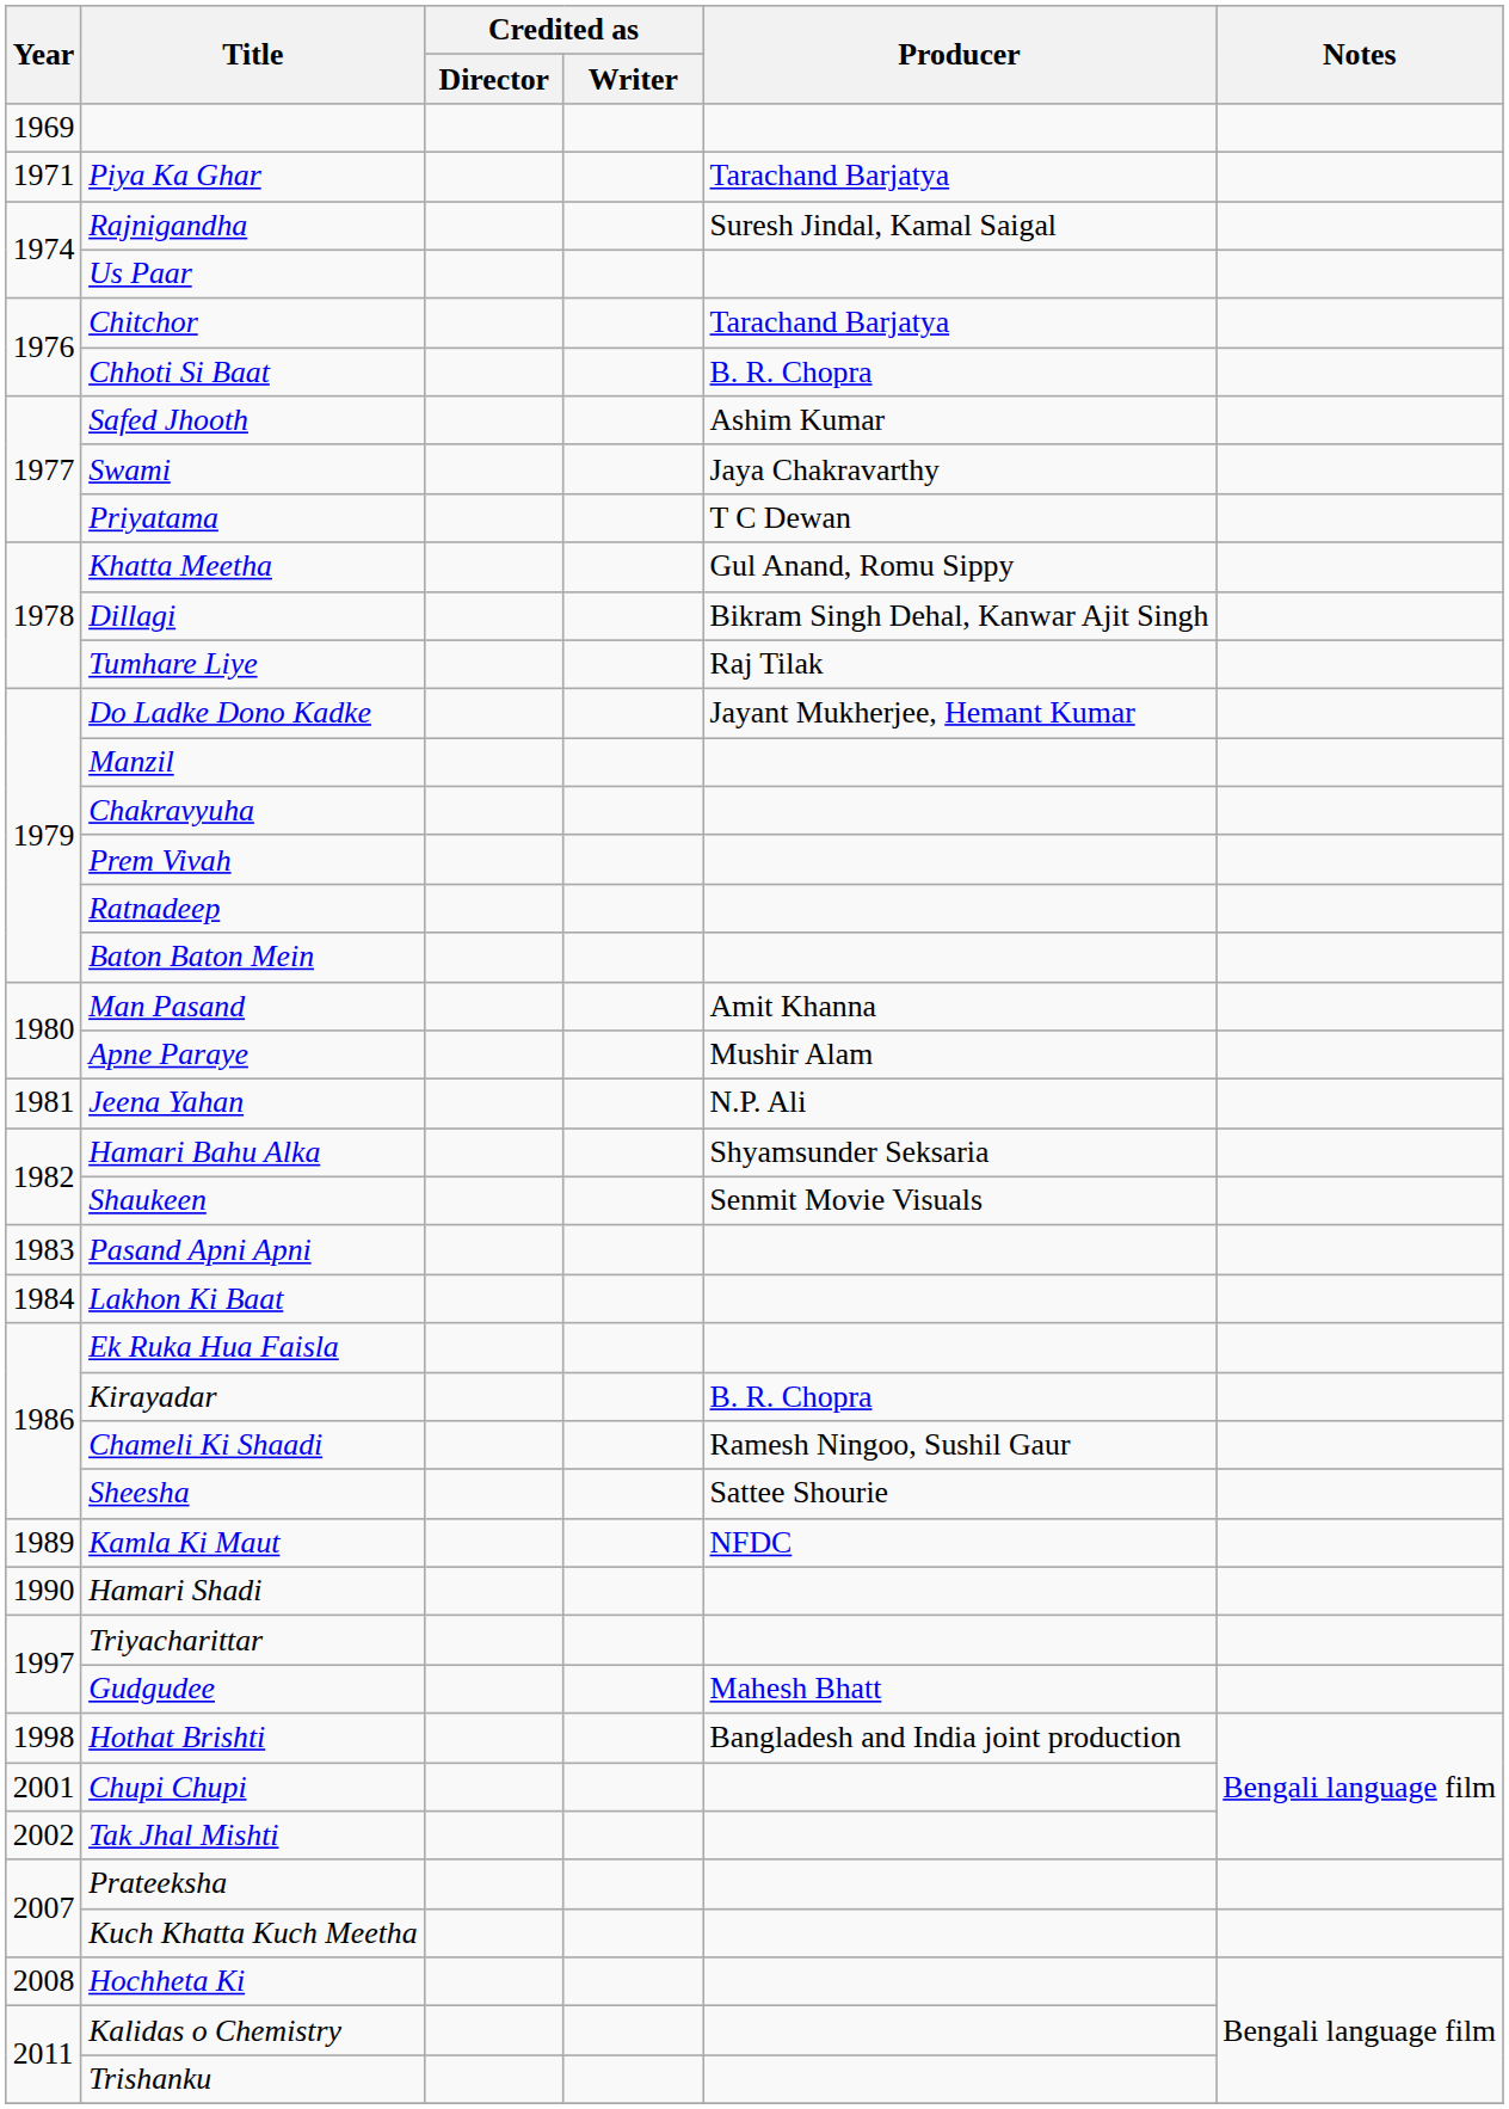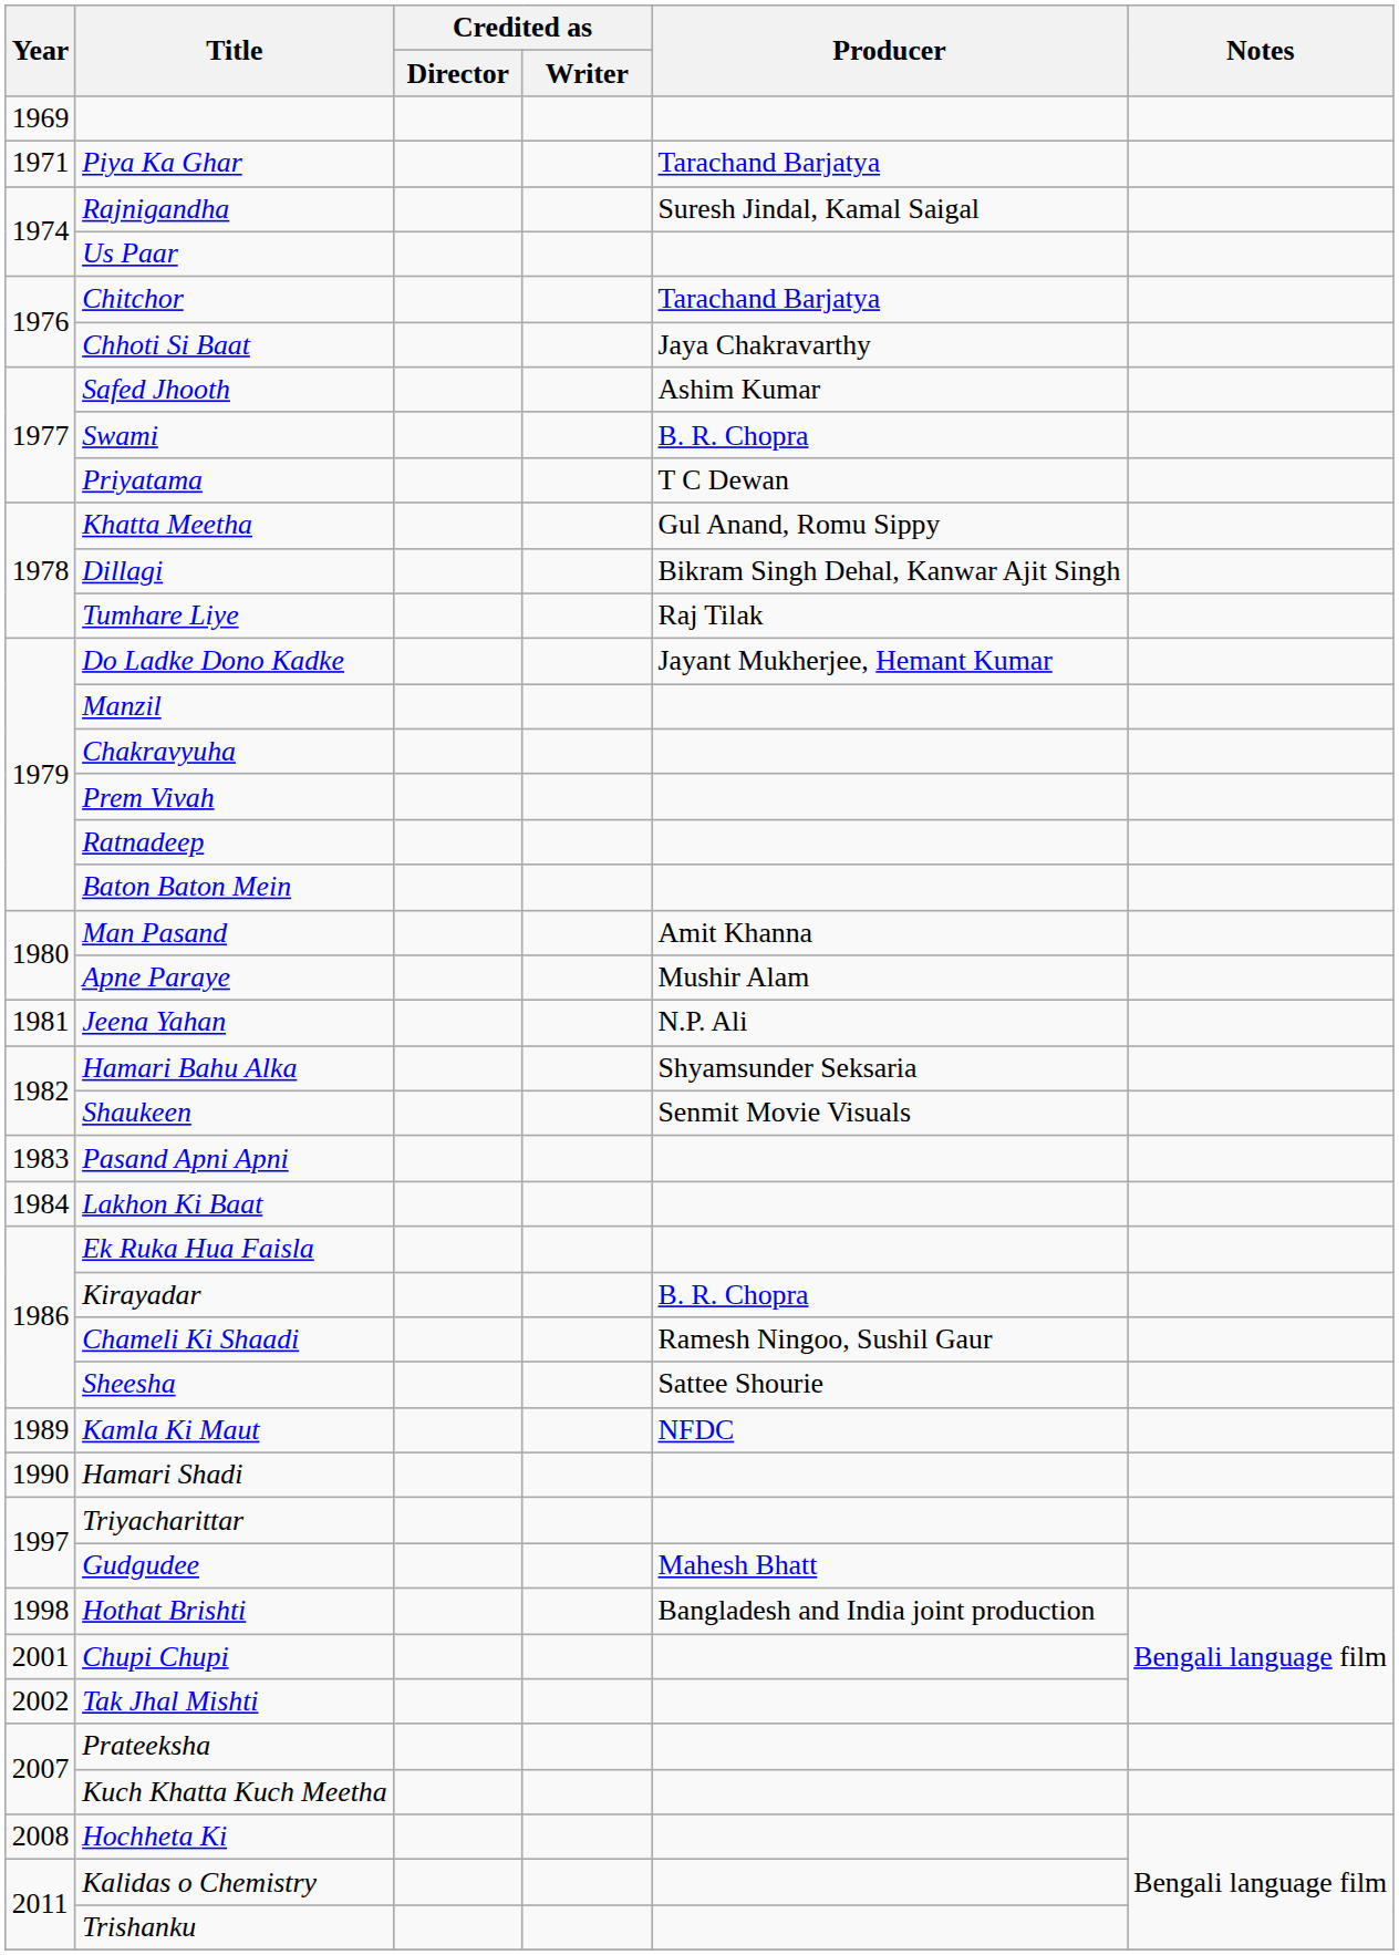 <table class="wikitable">
 <tr>
 <th rowspan="2">Year</th>
 <th rowspan="2">Title</th>
 <th colspan="2">Credited as</th>
 <th rowspan="2'">Producer</th>
 <th rowspan="2'">Notes</th>
 </tr>
 <tr>
 <th width=65>Director</th>
 <th width=65>Writer</th>
 </tr>
 <tr>
 <td>1969</td>
 <td></td>
 <td></td>
 <td></td>
 <td></td>
 <td></td>
 </tr>
 <tr>
 <td>1971</td>
 <td><em><a href='#'>Piya Ka Ghar</a></em></td>
 <td></td>
 <td></td>
 <td><a href='#'>Tarachand Barjatya</a></td>
 <td></td>
 </tr>
 <tr>
 <td rowspan="2">1974</td>
 <td><em><a href='#'>Rajnigandha</a></em></td>
 <td></td>
 <td></td>
 <td>Suresh Jindal, Kamal Saigal</td>
 <td></td>
 </tr>
 <tr>
 <td><em><a href='#'>Us Paar</a></em></td>
 <td></td>
 <td></td>
 <td></td>
 <td></td>
 </tr>
 <tr>
 <td rowspan="2">1976</td>
 <td><em><a href='#'>Chitchor</a></em></td>
 <td></td>
 <td></td>
 <td><a href='#'>Tarachand Barjatya</a></td>
 <td></td>
 </tr>
 <tr>
 <td><em><a href='#'>Chhoti Si Baat</a></em></td>
 <td></td>
 <td></td>
-<td><a href='#'>B. R. Chopra</a></td>
+<td>Jaya Chakravarthy</td>
 <td></td>
 </tr>
 <tr>
 <td rowspan="3">1977</td>
 <td><em><a href='#'>Safed Jhooth</a></em></td>
 <td></td>
 <td></td>
 <td>Ashim Kumar</td>
 <td></td>
 </tr>
 <tr>
 <td><em><a href='#'>Swami</a></em></td>
 <td></td>
 <td></td>
-<td>Jaya Chakravarthy</td>
+<td><a href='#'>B. R. Chopra</a></td>
 <td></td>
 </tr>
 <tr>
 <td><em><a href='#'>Priyatama</a></em></td>
 <td></td>
 <td></td>
 <td>T C Dewan</td>
 <td></td>
 </tr>
 <tr>
 <td rowspan="3">1978</td>
 <td><em><a href='#'>Khatta Meetha</a></em></td>
 <td></td>
 <td></td>
 <td>Gul Anand, Romu Sippy</td>
 <td></td>
 </tr>
 <tr>
 <td><em><a href='#'>Dillagi</a></em></td>
 <td></td>
 <td></td>
 <td>Bikram Singh Dehal, Kanwar Ajit Singh</td>
 <td></td>
 </tr>
 <tr>
 <td><em><a href='#'>Tumhare Liye</a></em></td>
 <td></td>
 <td></td>
 <td>Raj Tilak</td>
 <td></td>
 </tr>
 <tr>
 <td rowspan="6">1979</td>
 <td><em><a href='#'>Do Ladke Dono Kadke</a></em></td>
 <td></td>
 <td></td>
 <td>Jayant Mukherjee, <a href='#'>Hemant Kumar</a></td>
 <td></td>
 </tr>
 <tr>
 <td><em><a href='#'>Manzil</a></em></td>
 <td></td>
 <td></td>
 <td></td>
 <td></td>
 </tr>
 <tr>
 <td><em><a href='#'>Chakravyuha</a></em></td>
 <td></td>
 <td></td>
 <td></td>
 <td></td>
 </tr>
 <tr>
 <td><em><a href='#'>Prem Vivah</a></em></td>
 <td></td>
 <td></td>
 <td></td>
 <td></td>
 </tr>
 <tr>
 <td><em><a href='#'>Ratnadeep</a></em></td>
 <td></td>
 <td></td>
 <td></td>
 <td></td>
 </tr>
 <tr>
 <td><em><a href='#'>Baton Baton Mein</a></em></td>
 <td></td>
 <td></td>
 <td></td>
 <td></td>
 </tr>
 <tr>
 <td rowspan="2">1980</td>
 <td><em><a href='#'>Man Pasand</a></em></td>
 <td></td>
 <td></td>
 <td>Amit Khanna</td>
 <td></td>
 </tr>
 <tr>
 <td><em><a href='#'>Apne Paraye</a></em></td>
 <td></td>
 <td></td>
 <td>Mushir Alam</td>
 <td></td>
 </tr>
 <tr>
 <td>1981</td>
 <td><em><a href='#'>Jeena Yahan</a></em></td>
 <td></td>
 <td></td>
 <td>N.P. Ali</td>
 <td></td>
 </tr>
 <tr>
 <td rowspan="2">1982</td>
 <td><em><a href='#'>Hamari Bahu Alka</a></em></td>
 <td></td>
 <td></td>
 <td>Shyamsunder Seksaria</td>
 <td></td>
 </tr>
 <tr>
 <td><em><a href='#'>Shaukeen</a></em></td>
 <td></td>
 <td></td>
 <td>Senmit Movie Visuals</td>
 <td></td>
 </tr>
 <tr>
 <td>1983</td>
 <td><em><a href='#'>Pasand Apni Apni</a></em></td>
 <td></td>
 <td></td>
 <td></td>
 <td></td>
 </tr>
 <tr>
 <td>1984</td>
 <td><em><a href='#'>Lakhon Ki Baat</a></em></td>
 <td></td>
 <td></td>
 <td></td>
 <td></td>
 </tr>
 <tr>
 <td rowspan="4">1986</td>
 <td><em><a href='#'>Ek Ruka Hua Faisla</a></em></td>
 <td></td>
 <td></td>
 <td></td>
 <td></td>
 </tr>
 <tr>
 <td><em>Kirayadar</em></td>
 <td></td>
 <td></td>
 <td><a href='#'>B. R. Chopra</a></td>
 <td></td>
 </tr>
 <tr>
 <td><em><a href='#'>Chameli Ki Shaadi</a></em></td>
 <td></td>
 <td></td>
 <td>Ramesh Ningoo, Sushil Gaur</td>
 <td></td>
 </tr>
 <tr>
 <td><em><a href='#'>Sheesha</a></em></td>
 <td></td>
 <td></td>
 <td>Sattee Shourie</td>
 <td></td>
 </tr>
 <tr>
 <td>1989</td>
 <td><em><a href='#'>Kamla Ki Maut</a></em></td>
 <td></td>
 <td></td>
 <td><a href='#'>NFDC</a></td>
 <td></td>
 </tr>
 <tr>
 <td>1990</td>
 <td><em>Hamari Shadi</em></td>
 <td></td>
 <td></td>
 <td></td>
 <td></td>
 </tr>
 <tr>
 <td rowspan="2">1997</td>
 <td><em>Triyacharittar</em></td>
 <td></td>
 <td></td>
 <td></td>
 <td></td>
 </tr>
 <tr>
 <td><em><a href='#'>Gudgudee</a></em></td>
 <td></td>
 <td></td>
 <td><a href='#'>Mahesh Bhatt</a></td>
 <td></td>
 </tr>
 <tr>
 <td>1998</td>
 <td><em><a href='#'>Hothat Brishti</a></em></td>
 <td></td>
 <td></td>
 <td>Bangladesh and India joint production</td>
 <td rowspan="3"><a href='#'>Bengali language</a> film</td>
 </tr>
 <tr>
 <td>2001</td>
 <td><em><a href='#'>Chupi Chupi</a></em></td>
 <td></td>
 <td></td>
 <td></td>
 </tr>
 <tr>
 <td>2002</td>
 <td><em><a href='#'>Tak Jhal Mishti</a></em></td>
 <td></td>
 <td></td>
 <td></td>
 </tr>
 <tr>
 <td rowspan="2">2007</td>
 <td><em>Prateeksha</em></td>
 <td></td>
 <td></td>
 <td></td>
 <td></td>
 </tr>
 <tr>
 <td><em>Kuch Khatta Kuch Meetha</em></td>
 <td></td>
 <td></td>
 <td></td>
 <td></td>
 </tr>
 <tr>
 <td>2008</td>
 <td><em><a href='#'>Hochheta Ki</a></em></td>
 <td></td>
 <td></td>
 <td></td>
 <td rowspan="3">Bengali language film</td>
 </tr>
 <tr>
 <td rowspan="2">2011</td>
 <td><em>Kalidas o Chemistry</em></td>
 <td></td>
 <td></td>
 <td></td>
 </tr>
 <tr>
 <td><em>Trishanku</em></td>
 <td></td>
 <td></td>
 <td></td>
 </tr>
 <tr>
 </tr>
 </table>
